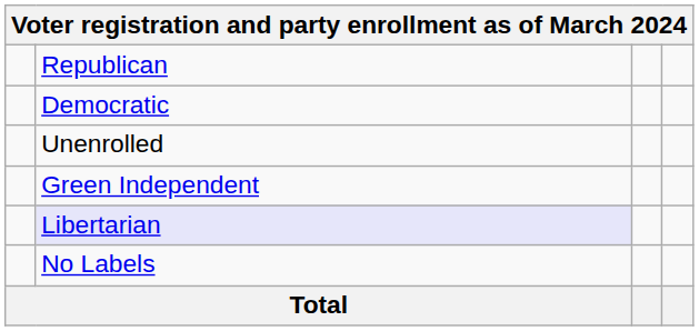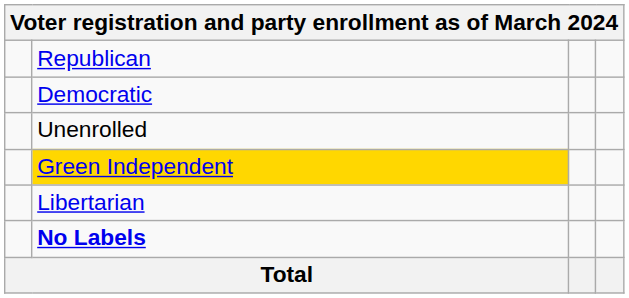 <table class=wikitable>
 <tr>
 <th colspan = 6>Voter registration and party enrollment as of March 2024</th>
 </tr>
 <tr>
 <td></td>
 <td><a href='#'>Republican</a></td>
 <td align = center></td>
 <td align = center></td>
 </tr>
 <tr>
 <td></td>
 <td><a href='#'>Democratic</a></td>
 <td align = center></td>
 <td align = center></td>
 </tr>
 <tr>
 <td></td>
 <td>Unenrolled</td>
 <td align = center></td>
 <td align = center></td>
 </tr>
 <tr>
 <td></td>
-<td><a href='#'>Green Independent</a></td>
+<td style="background: gold;"><a href='#'>Green Independent</a></td>
 <td align = center></td>
 <td align = center></td>
 </tr>
 <tr>
 <td></td>
-<td style="background: lavender;"><a href='#'>Libertarian</a></td>
+<td><a href='#'>Libertarian</a></td>
 <td align = center></td>
 <td align = center></td>
 </tr>
 <tr>
 <td></td>
-<td><a href='#'>No Labels</a></td>
+<td><strong><a href='#'>No Labels</a></strong></td>
 <td align = center></td>
 <td align = center></td>
 </tr>
 <tr>
 <th colspan = 2>Total</th>
 <th align = center></th>
 <th align = center></th>
 </tr>
 </table>
